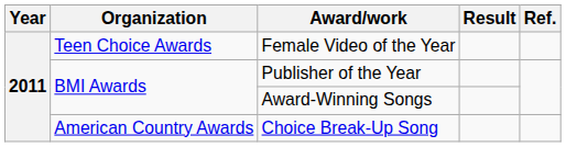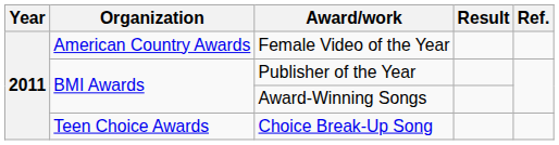 <table class="wikitable">
 <tr>
 <th>Year</th>
 <th>Organization</th>
 <th>Award/work</th>
 <th>Result</th>
 <th>Ref.</th>
 </tr>
 <tr>
 <th scope="row" rowspan="5">2011</th>
-<td><a href='#'>Teen Choice Awards</a></td>
+<td><a href='#'>American Country Awards</a></td>
 <td>Female Video of the Year</td>
 <td></td>
 <td></td>
 </tr>
 <tr>
 <td rowspan=2><a href='#'>BMI Awards</a></td>
 <td>Publisher of the Year</td>
 <td></td>
 <td rowspan="2" style="text-align:center;"></td>
 </tr>
 <tr>
 <td>Award-Winning Songs</td>
 <td></td>
 </tr>
 <tr>
-<td><a href='#'>American Country Awards</a></td>
+<td><a href='#'>Teen Choice Awards</a></td>
 <td><a href='#'>Choice Break-Up Song</a></td>
 <td></td>
 <td></td>
 </tr>
 </table>
